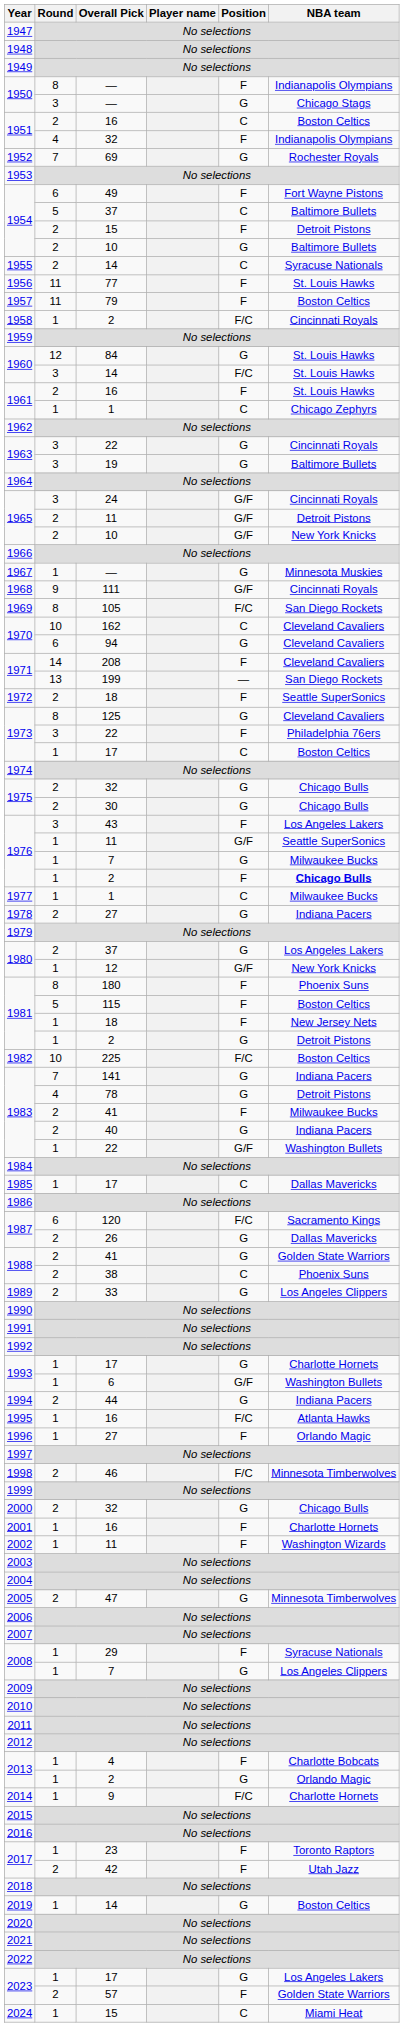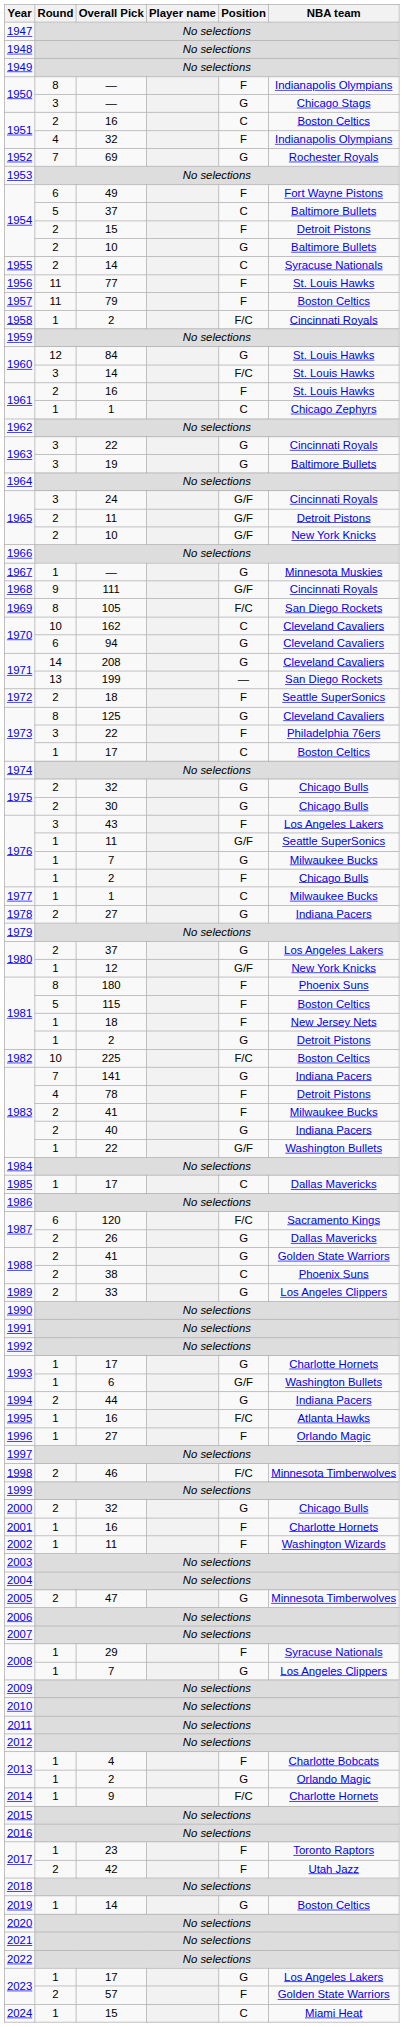 <table class="wikitable sortable" style="text-align:center">
 <tr>
 <th scope="col" !>Year</th>
 <th scope="col" !>Round</th>
 <th scope="col" !>Overall Pick</th>
 <th scope="col" !>Player name</th>
 <th scope="col" !>Position</th>
 <th scope="col" !>NBA team</th>
 </tr>
 <tr>
 <td rowspan=1><a href='#'>1947</a></td>
 <td colspan=5 bgcolor="#dddddd"><em>No selections</em></td>
 </tr>
 <tr>
 <td rowspan=1><a href='#'>1948</a></td>
 <td colspan=5 bgcolor="#dddddd"><em>No selections</em></td>
 </tr>
 <tr>
 <td rowspan=1><a href='#'>1949</a></td>
 <td colspan=5 bgcolor="#dddddd"><em>No selections</em></td>
 </tr>
 <tr>
 <td rowspan=2><a href='#'>1950</a></td>
 <td align="center">8</td>
 <td align="center">—</td>
 <th scope="row"></th>
 <td align="center">F</td>
 <td align="center"><a href='#'>Indianapolis Olympians</a></td>
 </tr>
 <tr>
 <td align="center">3</td>
 <td align="center">—</td>
 <th scope="row"></th>
 <td align="center">G</td>
 <td align="center"><a href='#'>Chicago Stags</a></td>
 </tr>
 <tr>
 <td rowspan=2><a href='#'>1951</a></td>
 <td align="center">2</td>
 <td align="center">16</td>
 <th scope="row"></th>
 <td align="center">C</td>
 <td align="center"><a href='#'>Boston Celtics</a></td>
 </tr>
 <tr>
 <td align="center">4</td>
 <td align="center">32</td>
 <th scope="row"></th>
 <td align="center">F</td>
 <td align="center"><a href='#'>Indianapolis Olympians</a></td>
 </tr>
 <tr>
 <td rowspan=1><a href='#'>1952</a></td>
 <td align="center">7</td>
 <td align="center">69</td>
 <th scope="row"></th>
 <td align="center">G</td>
 <td align="center"><a href='#'>Rochester Royals</a></td>
 </tr>
 <tr>
 <td rowspan=1><a href='#'>1953</a></td>
 <td colspan=5 bgcolor="#dddddd"><em>No selections</em></td>
 </tr>
 <tr>
 <td rowspan=4><a href='#'>1954</a></td>
 <td align="center">6</td>
 <td align="center">49</td>
 <th scope="row"></th>
 <td align="center">F</td>
 <td align="center"><a href='#'>Fort Wayne Pistons</a></td>
 </tr>
 <tr>
 <td align="center">5</td>
 <td align="center">37</td>
 <th scope="row"></th>
 <td align="center">C</td>
 <td align="center"><a href='#'>Baltimore Bullets</a></td>
 </tr>
 <tr>
 <td align="center">2</td>
 <td align="center">15</td>
 <th scope="row"></th>
 <td align="center">F</td>
 <td align="center"><a href='#'>Detroit Pistons</a></td>
 </tr>
 <tr>
 <td align="center">2</td>
 <td align="center">10</td>
 <th scope="row"></th>
 <td align="center">G</td>
 <td align="center"><a href='#'>Baltimore Bullets</a></td>
 </tr>
 <tr>
 <td><a href='#'>1955</a></td>
 <td align="center">2</td>
 <td align="center">14</td>
 <th scope="row"></th>
 <td align="center">C</td>
 <td align="center"><a href='#'>Syracuse Nationals</a></td>
 </tr>
 <tr>
 <td><a href='#'>1956</a></td>
 <td align="center">11</td>
 <td align="center">77</td>
 <th scope="row"></th>
 <td align="center">F</td>
 <td align="center"><a href='#'>St. Louis Hawks</a></td>
 </tr>
 <tr>
 <td><a href='#'>1957</a></td>
 <td align="center">11</td>
 <td align="center">79</td>
 <th scope="row"></th>
 <td align="center">F</td>
 <td align="center"><a href='#'>Boston Celtics</a></td>
 </tr>
 <tr>
 <td><a href='#'>1958</a></td>
 <td align="center">1</td>
 <td align="center">2</td>
 <th scope="row"></th>
 <td align="center">F/C</td>
 <td align="center"><a href='#'>Cincinnati Royals</a></td>
 </tr>
 <tr>
 <td rowspan=1><a href='#'>1959</a></td>
 <td colspan=5 bgcolor="#dddddd"><em>No selections</em></td>
 </tr>
 <tr>
 <td rowspan=2><a href='#'>1960</a></td>
 <td align="center">12</td>
 <td align="center">84</td>
 <th scope="row"></th>
 <td align="center">G</td>
 <td align="center"><a href='#'>St. Louis Hawks</a></td>
 </tr>
 <tr>
 <td align="center">3</td>
 <td align="center">14</td>
 <th scope="row"></th>
 <td align="center">F/C</td>
 <td align="center"><a href='#'>St. Louis Hawks</a></td>
 </tr>
 <tr>
 <td rowspan=2><a href='#'>1961</a></td>
 <td align="center">2</td>
 <td align="center">16</td>
 <th scope="row"></th>
 <td align="center">F</td>
 <td align="center"><a href='#'>St. Louis Hawks</a></td>
 </tr>
 <tr>
 <td align="center">1</td>
 <td align="center">1</td>
 <th scope="row"></th>
 <td align="center">C</td>
 <td align="center"><a href='#'>Chicago Zephyrs</a></td>
 </tr>
 <tr>
 <td rowspan=1><a href='#'>1962</a></td>
 <td colspan=5 bgcolor="#dddddd"><em>No selections</em></td>
 </tr>
 <tr>
 <td rowspan=2><a href='#'>1963</a></td>
 <td align="center">3</td>
 <td align="center">22</td>
 <th scope="row"></th>
 <td align="center">G</td>
 <td align="center"><a href='#'>Cincinnati Royals</a></td>
 </tr>
 <tr>
 <td align="center">3</td>
 <td align="center">19</td>
 <th scope="row"></th>
 <td align="center">G</td>
 <td align="center"><a href='#'>Baltimore Bullets</a></td>
 </tr>
 <tr>
 <td rowspan=1><a href='#'>1964</a></td>
 <td colspan=5 bgcolor="#dddddd"><em>No selections</em></td>
 </tr>
 <tr>
 <td rowspan=3><a href='#'>1965</a></td>
 <td align="center">3</td>
 <td align="center">24</td>
 <th scope="row"></th>
 <td align="center">G/F</td>
 <td align="center"><a href='#'>Cincinnati Royals</a></td>
 </tr>
 <tr>
 <td align="center">2</td>
 <td align="center">11</td>
 <th scope="row"></th>
 <td align="center">G/F</td>
 <td align="center"><a href='#'>Detroit Pistons</a></td>
 </tr>
 <tr>
 <td align="center">2</td>
 <td align="center">10</td>
 <th scope="row"></th>
 <td align="center">G/F</td>
 <td align="center"><a href='#'>New York Knicks</a></td>
 </tr>
 <tr>
 <td rowspan=1><a href='#'>1966</a></td>
 <td colspan=5 bgcolor="#dddddd"><em>No selections</em></td>
 </tr>
 <tr>
 <td><a href='#'>1967</a></td>
 <td align="center">1</td>
 <td align="center">—</td>
 <th scope="row"></th>
 <td align="center">G</td>
 <td align="center"><a href='#'>Minnesota Muskies</a></td>
 </tr>
 <tr>
 <td><a href='#'>1968</a></td>
 <td align="center">9</td>
 <td align="center">111</td>
 <th scope="row"></th>
 <td align="center">G/F</td>
 <td align="center"><a href='#'>Cincinnati Royals</a></td>
 </tr>
 <tr>
 <td><a href='#'>1969</a></td>
 <td align="center">8</td>
 <td align="center">105</td>
 <th scope="row"></th>
 <td align="center">F/C</td>
 <td align="center"><a href='#'>San Diego Rockets</a></td>
 </tr>
 <tr>
 <td rowspan=2><a href='#'>1970</a></td>
 <td align="center">10</td>
 <td align="center">162</td>
 <th scope="row"></th>
 <td align="center">C</td>
 <td align="center"><a href='#'>Cleveland Cavaliers</a></td>
 </tr>
 <tr>
 <td align="center">6</td>
 <td align="center">94</td>
 <th scope="row"></th>
 <td align="center">G</td>
 <td align="center"><a href='#'>Cleveland Cavaliers</a></td>
 </tr>
 <tr>
 <td rowspan=2><a href='#'>1971</a></td>
 <td align="center">14</td>
 <td align="center">208</td>
 <th scope="row"></th>
-<td align="center">F</td>
+<td align="center">G</td>
 <td align="center"><a href='#'>Cleveland Cavaliers</a></td>
 </tr>
 <tr>
 <td align="center">13</td>
 <td align="center">199</td>
 <th scope="row"></th>
 <td align="center">—</td>
 <td align="center"><a href='#'>San Diego Rockets</a></td>
 </tr>
 <tr>
 <td><a href='#'>1972</a></td>
 <td align="center">2</td>
 <td align="center">18</td>
 <th scope="row"></th>
 <td align="center">F</td>
 <td align="center"><a href='#'>Seattle SuperSonics</a></td>
 </tr>
 <tr>
 <td rowspan=3><a href='#'>1973</a></td>
 <td align="center">8</td>
 <td align="center">125</td>
 <th scope="row"></th>
 <td align="center">G</td>
 <td align="center"><a href='#'>Cleveland Cavaliers</a></td>
 </tr>
 <tr>
 <td align="center">3</td>
 <td align="center">22</td>
 <th scope="row"></th>
 <td align="center">F</td>
 <td align="center"><a href='#'>Philadelphia 76ers</a></td>
 </tr>
 <tr>
 <td align="center">1</td>
 <td align="center">17</td>
 <th scope="row"></th>
 <td align="center">C</td>
 <td align="center"><a href='#'>Boston Celtics</a></td>
 </tr>
 <tr>
 <td rowspan=1><a href='#'>1974</a></td>
 <td colspan=5 bgcolor="#dddddd"><em>No selections</em></td>
 </tr>
 <tr>
 <td rowspan=2><a href='#'>1975</a></td>
 <td align="center">2</td>
 <td align="center">32</td>
 <th scope="row"></th>
 <td align="center">G</td>
 <td align="center"><a href='#'>Chicago Bulls</a></td>
 </tr>
 <tr>
 <td align="center">2</td>
 <td align="center">30</td>
 <th scope="row"></th>
 <td align="center">G</td>
 <td align="center"><a href='#'>Chicago Bulls</a></td>
 </tr>
 <tr>
 <td rowspan=4><a href='#'>1976</a></td>
 <td align="center">3</td>
 <td align="center">43</td>
 <th scope="row"></th>
 <td align="center">F</td>
 <td align="center"><a href='#'>Los Angeles Lakers</a></td>
 </tr>
 <tr>
 <td align="center">1</td>
 <td align="center">11</td>
 <th scope="row"></th>
 <td align="center">G/F</td>
 <td align="center"><a href='#'>Seattle SuperSonics</a></td>
 </tr>
 <tr>
 <td align="center">1</td>
 <td align="center">7</td>
 <th scope="row"></th>
 <td align="center">G</td>
 <td align="center"><a href='#'>Milwaukee Bucks</a></td>
 </tr>
 <tr>
 <td align="center">1</td>
 <td align="center">2</td>
 <th scope="row"></th>
 <td align="center">F</td>
-<td align="center"><strong><a href='#'>Chicago Bulls</a></strong></td>
+<td align="center"><a href='#'>Chicago Bulls</a></td>
 </tr>
 <tr>
 <td><a href='#'>1977</a></td>
 <td align="center">1</td>
 <td align="center">1</td>
 <th scope="row"></th>
 <td align="center">C</td>
 <td align="center"><a href='#'>Milwaukee Bucks</a></td>
 </tr>
 <tr>
 <td><a href='#'>1978</a></td>
 <td align="center">2</td>
 <td align="center">27</td>
 <th scope="row"></th>
 <td align="center">G</td>
 <td align="center"><a href='#'>Indiana Pacers</a></td>
 </tr>
 <tr>
 <td rowspan=1><a href='#'>1979</a></td>
 <td colspan=5 bgcolor="#dddddd"><em>No selections</em></td>
 </tr>
 <tr>
 <td rowspan=2><a href='#'>1980</a></td>
 <td align="center">2</td>
 <td align="center">37</td>
 <th scope="row"></th>
 <td align="center">G</td>
 <td align="center"><a href='#'>Los Angeles Lakers</a></td>
 </tr>
 <tr>
 <td align="center">1</td>
 <td align="center">12</td>
 <th scope="row"></th>
 <td align="center">G/F</td>
 <td align="center"><a href='#'>New York Knicks</a></td>
 </tr>
 <tr>
 <td rowspan=4><a href='#'>1981</a></td>
 <td align="center">8</td>
 <td align="center">180</td>
 <th scope="row"></th>
 <td align="center">F</td>
 <td align="center"><a href='#'>Phoenix Suns</a></td>
 </tr>
 <tr>
 <td align="center">5</td>
 <td align="center">115</td>
 <th scope="row"></th>
 <td align="center">F</td>
 <td align="center"><a href='#'>Boston Celtics</a></td>
 </tr>
 <tr>
 <td align="center">1</td>
 <td align="center">18</td>
 <th scope="row"></th>
 <td align="center">F</td>
 <td align="center"><a href='#'>New Jersey Nets</a></td>
 </tr>
 <tr>
 <td align="center">1</td>
 <td align="center">2</td>
 <th scope="row"></th>
 <td align="center">G</td>
 <td align="center"><a href='#'>Detroit Pistons</a></td>
 </tr>
 <tr>
 <td><a href='#'>1982</a></td>
 <td align="center">10</td>
 <td align="center">225</td>
 <th scope="row"></th>
 <td align="center">F/C</td>
 <td align="center"><a href='#'>Boston Celtics</a></td>
 </tr>
 <tr>
 <td rowspan=5><a href='#'>1983</a></td>
 <td align="center">7</td>
 <td align="center">141</td>
 <th scope="row"></th>
 <td align="center">G</td>
 <td align="center"><a href='#'>Indiana Pacers</a></td>
 </tr>
 <tr>
 <td align="center">4</td>
 <td align="center">78</td>
 <th scope="row"></th>
-<td align="center">G</td>
+<td align="center">F</td>
 <td align="center"><a href='#'>Detroit Pistons</a></td>
 </tr>
 <tr>
 <td align="center">2</td>
 <td align="center">41</td>
 <th scope="row"></th>
 <td align="center">F</td>
 <td align="center"><a href='#'>Milwaukee Bucks</a></td>
 </tr>
 <tr>
 <td align="center">2</td>
 <td align="center">40</td>
 <th scope="row"></th>
 <td align="center">G</td>
 <td align="center"><a href='#'>Indiana Pacers</a></td>
 </tr>
 <tr>
 <td align="center">1</td>
 <td align="center">22</td>
 <th scope="row"></th>
 <td align="center">G/F</td>
 <td align="center"><a href='#'>Washington Bullets</a></td>
 </tr>
 <tr>
 <td rowspan=1><a href='#'>1984</a></td>
 <td colspan=5 bgcolor="#dddddd"><em>No selections</em></td>
 </tr>
 <tr>
 <td><a href='#'>1985</a></td>
 <td align="center">1</td>
 <td align="center">17</td>
 <th scope="row"></th>
 <td align="center">C</td>
 <td align="center"><a href='#'>Dallas Mavericks</a></td>
 </tr>
 <tr>
 <td rowspan=1><a href='#'>1986</a></td>
 <td colspan=5 bgcolor="#dddddd"><em>No selections</em></td>
 </tr>
 <tr>
 <td rowspan=2><a href='#'>1987</a></td>
 <td align="center">6</td>
 <td align="center">120</td>
 <th scope="row"></th>
 <td align="center">F/C</td>
 <td align="center"><a href='#'>Sacramento Kings</a></td>
 </tr>
 <tr>
 <td align="center">2</td>
 <td align="center">26</td>
 <th scope="row"></th>
 <td align="center">G</td>
 <td align="center"><a href='#'>Dallas Mavericks</a></td>
 </tr>
 <tr>
 <td rowspan=2><a href='#'>1988</a></td>
 <td align="center">2</td>
 <td align="center">41</td>
 <th scope="row"></th>
 <td align="center">G</td>
 <td align="center"><a href='#'>Golden State Warriors</a></td>
 </tr>
 <tr>
 <td align="center">2</td>
 <td align="center">38</td>
 <th scope="row"></th>
 <td align="center">C</td>
 <td align="center"><a href='#'>Phoenix Suns</a></td>
 </tr>
 <tr>
 <td><a href='#'>1989</a></td>
 <td align="center">2</td>
 <td align="center">33</td>
 <th scope="row"></th>
 <td align="center">G</td>
 <td align="center"><a href='#'>Los Angeles Clippers</a></td>
 </tr>
 <tr>
 <td rowspan=1><a href='#'>1990</a></td>
 <td colspan=5 bgcolor="#dddddd"><em>No selections</em></td>
 </tr>
 <tr>
 <td rowspan=1><a href='#'>1991</a></td>
 <td colspan=5 bgcolor="#dddddd"><em>No selections</em></td>
 </tr>
 <tr>
 <td rowspan=1><a href='#'>1992</a></td>
 <td colspan=5 bgcolor="#dddddd"><em>No selections</em></td>
 </tr>
 <tr>
 <td rowspan=2><a href='#'>1993</a></td>
 <td align="center">1</td>
 <td align="center">17</td>
 <th scope="row"></th>
 <td align="center">G</td>
 <td align="center"><a href='#'>Charlotte Hornets</a></td>
 </tr>
 <tr>
 <td align="center">1</td>
 <td align="center">6</td>
 <th scope="row"></th>
 <td align="center">G/F</td>
 <td align="center"><a href='#'>Washington Bullets</a></td>
 </tr>
 <tr>
 <td><a href='#'>1994</a></td>
 <td align="center">2</td>
 <td align="center">44</td>
 <th scope="row"></th>
 <td align="center">G</td>
 <td align="center"><a href='#'>Indiana Pacers</a></td>
 </tr>
 <tr>
 <td><a href='#'>1995</a></td>
 <td align="center">1</td>
 <td align="center">16</td>
 <th scope="row"></th>
 <td align="center">F/C</td>
 <td align="center"><a href='#'>Atlanta Hawks</a></td>
 </tr>
 <tr>
 <td><a href='#'>1996</a></td>
 <td align="center">1</td>
 <td align="center">27</td>
 <th scope="row"></th>
 <td align="center">F</td>
 <td align="center"><a href='#'>Orlando Magic</a></td>
 </tr>
 <tr>
 <td rowspan=1><a href='#'>1997</a></td>
 <td colspan=5 bgcolor="#dddddd"><em>No selections</em></td>
 </tr>
 <tr>
 <td><a href='#'>1998</a></td>
 <td align="center">2</td>
 <td align="center">46</td>
 <th scope="row"></th>
 <td align="center">F/C</td>
 <td align="center"><a href='#'>Minnesota Timberwolves</a></td>
 </tr>
 <tr>
 <td rowspan=1><a href='#'>1999</a></td>
 <td colspan=5 bgcolor="#dddddd"><em>No selections</em></td>
 </tr>
 <tr>
 <td><a href='#'>2000</a></td>
 <td align="center">2</td>
 <td align="center">32</td>
 <th scope="row"></th>
 <td align="center">G</td>
 <td align="center"><a href='#'>Chicago Bulls</a></td>
 </tr>
 <tr>
 <td><a href='#'>2001</a></td>
 <td align="center">1</td>
 <td align="center">16</td>
 <th scope="row"></th>
 <td align="center">F</td>
 <td align="center"><a href='#'>Charlotte Hornets</a></td>
 </tr>
 <tr>
 <td><a href='#'>2002</a></td>
 <td align="center">1</td>
 <td align="center">11</td>
 <th scope="row"></th>
 <td align="center">F</td>
 <td align="center"><a href='#'>Washington Wizards</a></td>
 </tr>
 <tr>
 <td rowspan=1><a href='#'>2003</a></td>
 <td colspan=5 bgcolor="#dddddd"><em>No selections</em></td>
 </tr>
 <tr>
 <td rowspan=1><a href='#'>2004</a></td>
 <td colspan=5 bgcolor="#dddddd"><em>No selections</em></td>
 </tr>
 <tr>
 <td rowspan=1><a href='#'>2005</a></td>
 <td align="center">2</td>
 <td align="center">47</td>
 <th scope="row"></th>
 <td align="center">G</td>
 <td align="center"><a href='#'>Minnesota Timberwolves</a></td>
 </tr>
 <tr>
 <td rowspan=1><a href='#'>2006</a></td>
 <td colspan=5 bgcolor="#dddddd"><em>No selections</em></td>
 </tr>
 <tr>
 <td rowspan=1><a href='#'>2007</a></td>
 <td colspan=5 bgcolor="#dddddd"><em>No selections</em></td>
 </tr>
 <tr>
 <td rowspan=2><a href='#'>2008</a></td>
 <td align="center">1</td>
 <td align="center">29</td>
 <th scope="row"></th>
 <td align="center">F</td>
 <td align="center"><a href='#'>Syracuse Nationals</a></td>
 </tr>
 <tr>
 <td align="center">1</td>
 <td align="center">7</td>
 <th scope="row"></th>
 <td align="center">G</td>
 <td align="center"><a href='#'>Los Angeles Clippers</a></td>
 </tr>
 <tr>
 <td rowspan=1><a href='#'>2009</a></td>
 <td colspan=5 bgcolor="#dddddd"><em>No selections</em></td>
 </tr>
 <tr>
 <td rowspan=1><a href='#'>2010</a></td>
 <td colspan=5 bgcolor="#dddddd"><em>No selections</em></td>
 </tr>
 <tr>
 <td rowspan=1><a href='#'>2011</a></td>
 <td colspan=5 bgcolor="#dddddd"><em>No selections</em></td>
 </tr>
 <tr>
 <td rowspan=1><a href='#'>2012</a></td>
 <td colspan=5 bgcolor="#dddddd"><em>No selections</em></td>
 </tr>
 <tr>
 <td rowspan=2><a href='#'>2013</a></td>
 <td align="center">1</td>
 <td align="center">4</td>
 <th scope="row"></th>
 <td align="center">F</td>
 <td align="center"><a href='#'>Charlotte Bobcats</a></td>
 </tr>
 <tr>
 <td align="center">1</td>
 <td align="center">2</td>
 <th scope="row"></th>
 <td align="center">G</td>
 <td align="center"><a href='#'>Orlando Magic</a></td>
 </tr>
 <tr>
 <td><a href='#'>2014</a></td>
 <td align="center">1</td>
 <td align="center">9</td>
 <th scope="row"></th>
 <td align="center">F/C</td>
 <td align="center"><a href='#'>Charlotte Hornets</a></td>
 </tr>
 <tr>
 <td rowspan=1><a href='#'>2015</a></td>
 <td colspan=5 bgcolor="#dddddd"><em>No selections</em></td>
 </tr>
 <tr>
 <td rowspan=1><a href='#'>2016</a></td>
 <td colspan=5 bgcolor="#dddddd"><em>No selections</em></td>
 </tr>
 <tr>
 <td rowspan=2><a href='#'>2017</a></td>
 <td align="center">1</td>
 <td align="center">23</td>
 <th scope="row"></th>
 <td align="center">F</td>
 <td align="center"><a href='#'>Toronto Raptors</a></td>
 </tr>
 <tr>
 <td align="center">2</td>
 <td align="center">42</td>
 <th scope="row"></th>
 <td align="center">F</td>
 <td align="center"><a href='#'>Utah Jazz</a></td>
 </tr>
 <tr>
 <td rowspan=1><a href='#'>2018</a></td>
 <td colspan=5 bgcolor="#dddddd"><em>No selections</em></td>
 </tr>
 <tr>
 <td rowspan=1><a href='#'>2019</a></td>
 <td align="center">1</td>
 <td align="center">14</td>
 <th scope="row"></th>
 <td align="center">G</td>
 <td align="center"><a href='#'>Boston Celtics</a></td>
 </tr>
 <tr>
 <td rowspan=1><a href='#'>2020</a></td>
 <td colspan=5 bgcolor="#dddddd"><em>No selections</em></td>
 </tr>
 <tr>
 <td rowspan=1><a href='#'>2021</a></td>
 <td colspan=5 bgcolor="#dddddd"><em>No selections</em></td>
 </tr>
 <tr>
 <td rowspan=1><a href='#'>2022</a></td>
 <td colspan=5 bgcolor="#dddddd"><em>No selections</em></td>
 </tr>
 <tr>
 <td rowspan=2><a href='#'>2023</a></td>
 <td align="center">1</td>
 <td align="center">17</td>
 <th scope="row"></th>
 <td align="center">G</td>
 <td align="center"><a href='#'>Los Angeles Lakers</a></td>
 </tr>
 <tr>
 <td align="center">2</td>
 <td align="center">57</td>
 <th scope="row"></th>
 <td align="center">F</td>
 <td align="center"><a href='#'>Golden State Warriors</a></td>
 </tr>
 <tr>
 <td rowspan=1><a href='#'>2024</a></td>
 <td align="center">1</td>
 <td align="center">15</td>
 <th scope="row"></th>
 <td align="center">C</td>
 <td align="center"><a href='#'>Miami Heat</a></td>
 </tr>
 </table>
